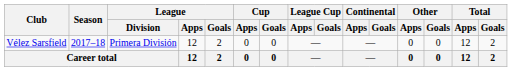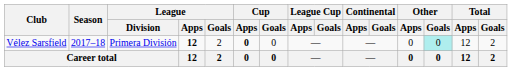 <table class="wikitable" style="text-align:center">
 <tr>
 <th rowspan="2">Club</th>
 <th rowspan="2">Season</th>
 <th colspan="3">League</th>
 <th colspan="2">Cup</th>
 <th colspan="2">League Cup</th>
 <th colspan="2">Continental</th>
 <th colspan="2">Other</th>
 <th colspan="2">Total</th>
 </tr>
 <tr>
 <th>Division</th>
 <th>Apps</th>
 <th>Goals</th>
 <th>Apps</th>
 <th>Goals</th>
 <th>Apps</th>
 <th>Goals</th>
 <th>Apps</th>
 <th>Goals</th>
 <th>Apps</th>
 <th>Goals</th>
 <th>Apps</th>
 <th>Goals</th>
 </tr>
 <tr>
 <td><a href='#'>Vélez Sarsfield</a></td>
 <td><a href='#'>2017–18</a></td>
 <td><a href='#'>Primera División</a></td>
-<td>12</td>
+<td><strong>12</strong></td>
 <td>2</td>
-<td>0</td>
+<td><strong>0</strong></td>
 <td>0</td>
 <td colspan="2">—</td>
 <td colspan="2">—</td>
 <td>0</td>
-<td>0</td>
+<td style="background: paleturquoise;">0</td>
 <td>12</td>
 <td>2</td>
 </tr>
 <tr>
 <th colspan="3">Career total</th>
 <th>12</th>
 <th>2</th>
 <th>0</th>
 <th>0</th>
 <th colspan="2">—</th>
 <th colspan="2">—</th>
 <th>0</th>
 <th>0</th>
 <th>12</th>
 <th>2</th>
 </tr>
 </table>
